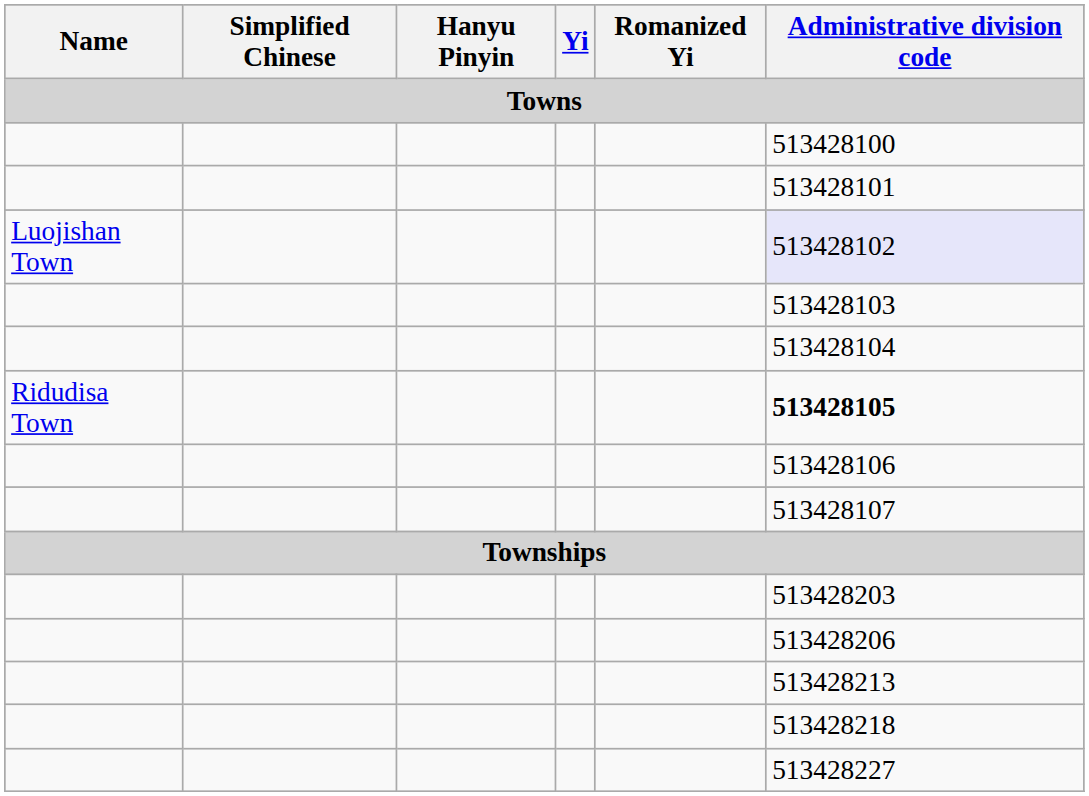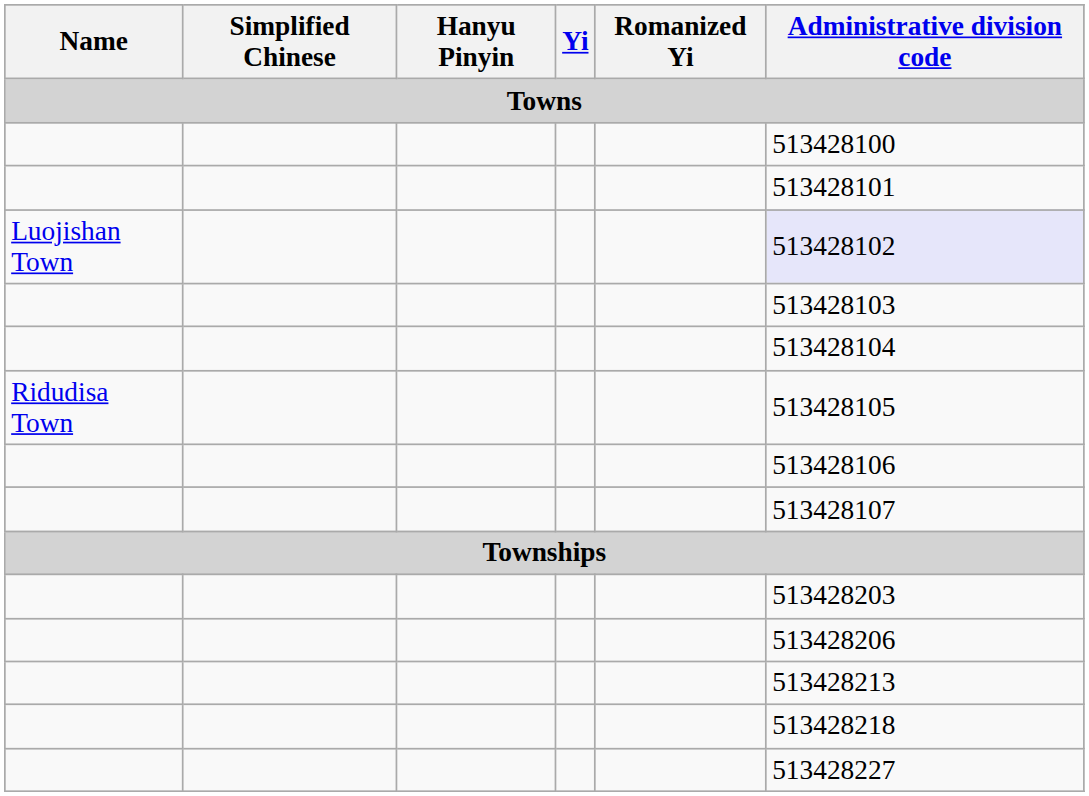 <table class="wikitable" align="center" style="width:50%; border="1">
 <tr>
 <th>Name</th>
 <th>Simplified Chinese</th>
 <th>Hanyu Pinyin</th>
 <th><a href='#'>Yi</a></th>
 <th>Romanized Yi</th>
 <th><a href='#'>Administrative division code</a></th>
 </tr>
 <tr>
 <td colspan="7"  style="text-align:center; background:#d3d3d3;"><strong>Towns</strong></td>
 </tr>
 <tr --------->
 <td></td>
 <td></td>
 <td></td>
 <td></td>
 <td></td>
 <td>513428100</td>
 </tr>
 <tr>
 <td></td>
 <td></td>
 <td></td>
 <td></td>
 <td></td>
 <td>513428101</td>
 </tr>
 <tr>
 <td><a href='#'>Luojishan Town</a></td>
 <td></td>
 <td></td>
 <td></td>
 <td></td>
 <td style="background: lavender;">513428102</td>
 </tr>
 <tr>
 <td></td>
 <td></td>
 <td></td>
 <td></td>
 <td></td>
 <td>513428103</td>
 </tr>
 <tr>
 <td></td>
 <td></td>
 <td></td>
 <td></td>
 <td></td>
 <td>513428104</td>
 </tr>
 <tr>
 <td><a href='#'>Ridudisa Town</a></td>
 <td></td>
 <td></td>
 <td></td>
 <td></td>
-<td><strong>513428105</strong></td>
+<td>513428105</td>
 </tr>
 <tr>
 <td></td>
 <td></td>
 <td></td>
 <td></td>
 <td></td>
 <td>513428106</td>
 </tr>
 <tr>
 <td></td>
 <td></td>
 <td></td>
 <td></td>
 <td></td>
 <td>513428107</td>
 </tr>
 <tr>
 <td colspan="7"  style="text-align:center; background:#d3d3d3;"><strong>Townships</strong></td>
 </tr>
 <tr --------->
 <td></td>
 <td></td>
 <td></td>
 <td></td>
 <td></td>
 <td>513428203</td>
 </tr>
 <tr>
 <td></td>
 <td></td>
 <td></td>
 <td></td>
 <td></td>
 <td>513428206</td>
 </tr>
 <tr>
 <td></td>
 <td></td>
 <td></td>
 <td></td>
 <td></td>
 <td>513428213</td>
 </tr>
 <tr>
 <td></td>
 <td></td>
 <td></td>
 <td></td>
 <td></td>
 <td>513428218</td>
 </tr>
 <tr>
 <td></td>
 <td></td>
 <td></td>
 <td></td>
 <td></td>
 <td>513428227</td>
 </tr>
 <tr>
 </tr>
 </table>
